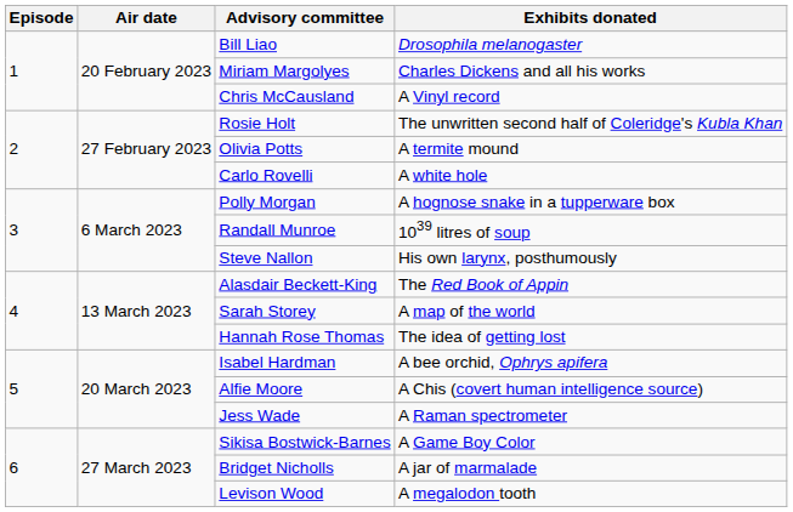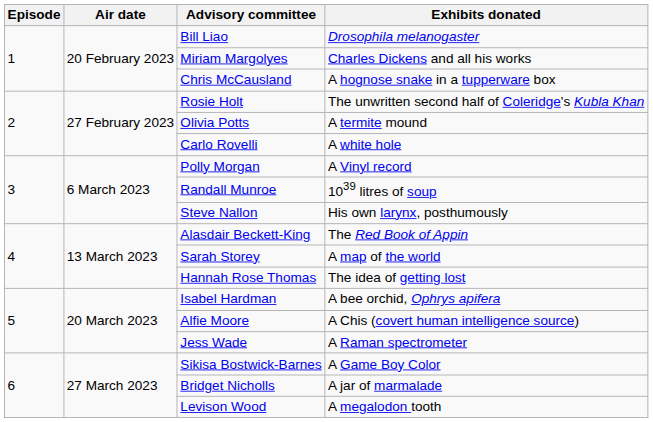 <table class="wikitable">
 <tr>
 <th>Episode</th>
 <th>Air date</th>
 <th>Advisory committee</th>
 <th>Exhibits donated</th>
 </tr>
 <tr>
 <td rowspan="3">1</td>
 <td rowspan="3">20 February 2023</td>
 <td><a href='#'>Bill Liao</a></td>
 <td><em><a href='#'>Drosophila melanogaster</a></em></td>
 </tr>
 <tr>
 <td><a href='#'>Miriam Margolyes</a></td>
 <td><a href='#'>Charles Dickens</a> and all his works</td>
 </tr>
 <tr>
 <td><a href='#'>Chris McCausland</a></td>
-<td>A <a href='#'>Vinyl record</a></td>
+<td>A <a href='#'>hognose snake</a> in a <a href='#'>tupperware</a> box</td>
 </tr>
 <tr>
 <td rowspan="3">2</td>
 <td rowspan="3">27 February 2023</td>
 <td><a href='#'>Rosie Holt</a></td>
 <td>The unwritten second half of <a href='#'>Coleridge</a>'s <em><a href='#'>Kubla Khan</a></em></td>
 </tr>
 <tr>
 <td><a href='#'>Olivia Potts</a></td>
 <td>A <a href='#'>termite</a> mound</td>
 </tr>
 <tr>
 <td><a href='#'>Carlo Rovelli</a></td>
 <td>A <a href='#'>white hole</a></td>
 </tr>
 <tr>
 <td rowspan="3">3</td>
 <td rowspan="3">6 March 2023</td>
 <td><a href='#'>Polly Morgan</a></td>
-<td>A <a href='#'>hognose snake</a> in a <a href='#'>tupperware</a> box</td>
+<td>A <a href='#'>Vinyl record</a></td>
 </tr>
 <tr>
 <td><a href='#'>Randall Munroe</a></td>
 <td>10<sup>39</sup> litres of <a href='#'>soup</a></td>
 </tr>
 <tr>
 <td><a href='#'>Steve Nallon</a></td>
 <td>His own <a href='#'>larynx</a>, posthumously</td>
 </tr>
 <tr>
 <td rowspan="3">4</td>
 <td rowspan="3">13 March 2023</td>
 <td><a href='#'>Alasdair Beckett-King </a></td>
 <td>The <em><a href='#'>Red Book of Appin</a></em></td>
 </tr>
 <tr>
 <td><a href='#'>Sarah Storey</a></td>
 <td>A <a href='#'>map</a> of <a href='#'>the world</a></td>
 </tr>
 <tr>
 <td><a href='#'>Hannah Rose Thomas</a></td>
 <td>The idea of <a href='#'>getting lost</a></td>
 </tr>
 <tr>
 <td rowspan="3">5</td>
 <td rowspan="3">20 March 2023</td>
 <td><a href='#'>Isabel Hardman</a></td>
 <td>A bee orchid, <em><a href='#'>Ophrys apifera</a></em></td>
 </tr>
 <tr>
 <td><a href='#'>Alfie Moore</a></td>
 <td>A Chis (<a href='#'>covert human intelligence source</a>)</td>
 </tr>
 <tr>
 <td><a href='#'>Jess Wade</a></td>
 <td>A <a href='#'>Raman spectrometer</a></td>
 </tr>
 <tr>
 <td rowspan="3">6</td>
 <td rowspan="3">27 March 2023</td>
 <td><a href='#'>Sikisa Bostwick-Barnes</a></td>
 <td>A <a href='#'>Game Boy Color</a></td>
 </tr>
 <tr>
 <td><a href='#'>Bridget Nicholls</a></td>
 <td>A jar of <a href='#'>marmalade</a></td>
 </tr>
 <tr>
 <td><a href='#'>Levison Wood</a></td>
 <td>A <a href='#'>megalodon </a> tooth<br></td>
 </tr>
 </table>
